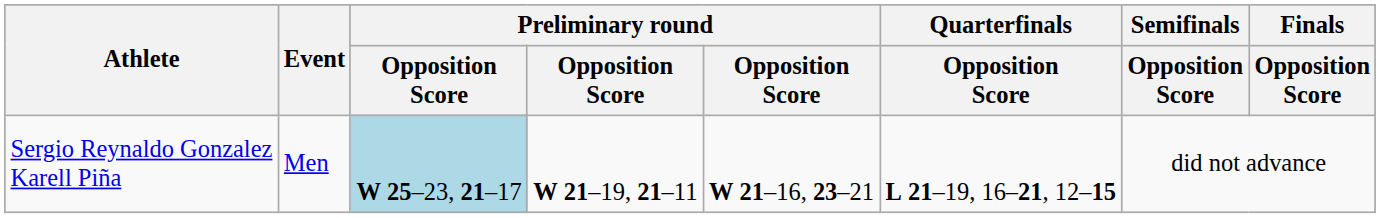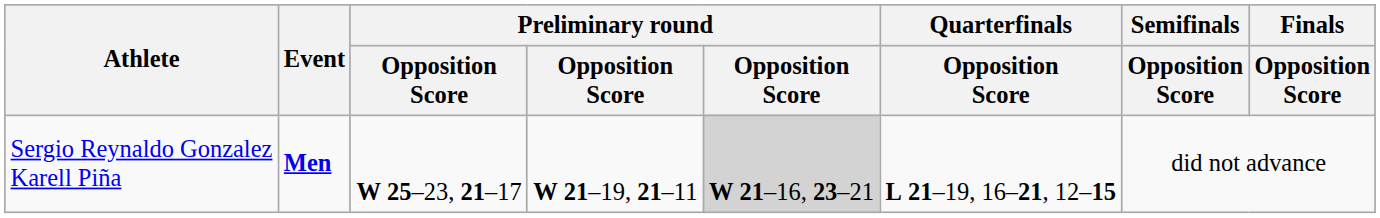 <table class="wikitable" style="font-size:90%">
 <tr>
 <th rowspan=2>Athlete</th>
 <th rowspan=2>Event</th>
 <th colspan=3>Preliminary round</th>
 <th>Quarterfinals</th>
 <th>Semifinals</th>
 <th>Finals</th>
 </tr>
 <tr>
 <th>Opposition<br>Score</th>
 <th>Opposition<br>Score</th>
 <th>Opposition<br>Score</th>
 <th>Opposition<br>Score</th>
 <th>Opposition<br>Score</th>
 <th>Opposition<br>Score</th>
 </tr>
 <tr>
 <td><a href='#'>Sergio Reynaldo Gonzalez</a><br><a href='#'>Karell Piña</a></td>
-<td><a href='#'>Men</a></td>
-<td align="center" style="background: lightblue;"><br><br><strong>W</strong> <strong>25</strong>–23, <strong>21</strong>–17</td>
+<td><strong><a href='#'>Men</a></strong></td>
+<td align="center"><br><br><strong>W</strong> <strong>25</strong>–23, <strong>21</strong>–17</td>
 <td align="center"><br><br><strong>W</strong> <strong>21</strong>–19, <strong>21</strong>–11</td>
-<td align="center"><br><br><strong>W</strong> <strong>21</strong>–16, <strong>23</strong>–21</td>
+<td align="center" style="background: lightgrey;"><br><br><strong>W</strong> <strong>21</strong>–16, <strong>23</strong>–21</td>
 <td align="center"><br><br><strong>L</strong> <strong>21</strong>–19, 16–<strong>21</strong>, 12–<strong>15</strong></td>
 <td align="center" colspan="7">did not advance</td>
 </tr>
 </table>
